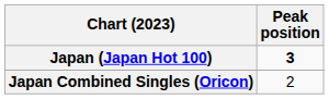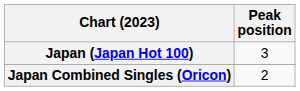 <table class="wikitable sortable plainrowheaders" style="text-align:center">
 <tr>
 <th scope="col">Chart (2023)</th>
 <th scope="col">Peak<br>position</th>
 </tr>
 <tr>
 <th scope="row">Japan (<a href='#'>Japan Hot 100</a>)</th>
-<td><strong>3</strong></td>
+<td>3</td>
 </tr>
 <tr>
 </tr>
 <tr>
 <th scope="row">Japan Combined Singles (<a href='#'>Oricon</a>)</th>
 <td>2</td>
 </tr>
 </table>
